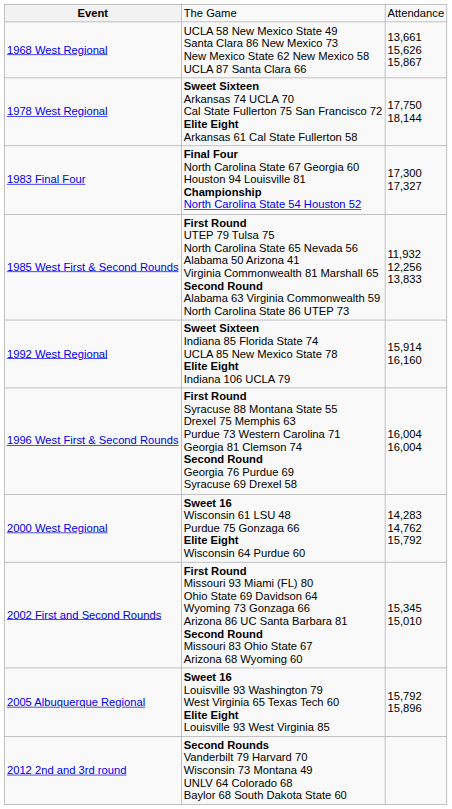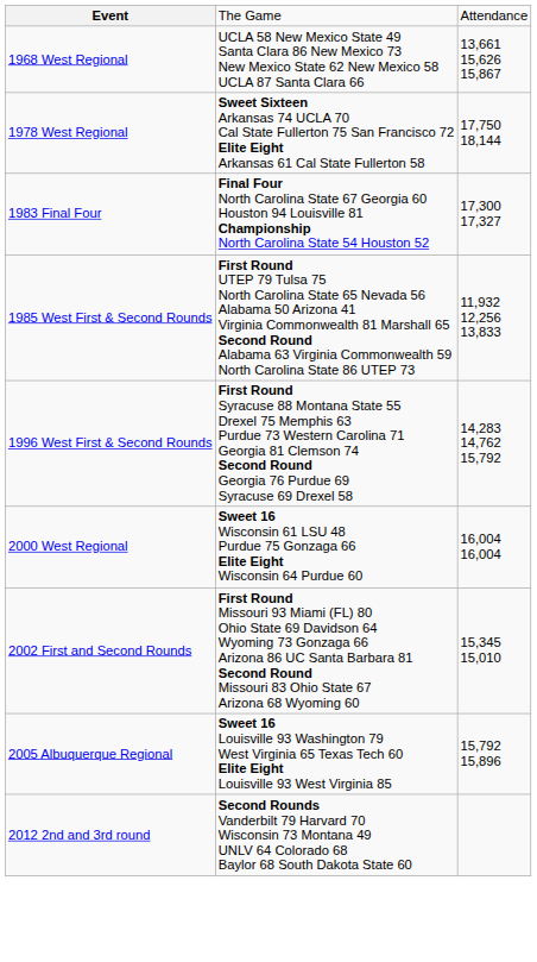 <table class="wikitable">
 <tr>
 <th>Event</th>
 <td>The Game</td>
 <td>Attendance</td>
 </tr>
 <tr>
 <td><a href='#'>1968 West Regional</a></td>
 <td>UCLA 58 New Mexico State 49<br>Santa Clara 86 New Mexico 73<br>New Mexico State 62 New Mexico 58<br>UCLA 87 Santa Clara 66</td>
 <td>13,661<br>15,626<br>15,867</td>
 </tr>
 <tr>
 <td><a href='#'>1978 West Regional</a></td>
 <td><strong>Sweet Sixteen</strong><br>Arkansas 74 UCLA 70<br>Cal State Fullerton 75 San Francisco 72<br><strong>Elite Eight</strong><br>Arkansas 61 Cal State Fullerton 58</td>
 <td>17,750<br>18,144</td>
 </tr>
 <tr>
 <td><a href='#'>1983 Final Four</a></td>
 <td><strong>Final Four</strong><br>North Carolina State 67 Georgia 60<br>Houston 94 Louisville 81<br><strong>Championship</strong><br><a href='#'>North Carolina State 54 Houston 52</a></td>
 <td>17,300<br>17,327</td>
 </tr>
 <tr>
 <td><a href='#'>1985 West First & Second Rounds</a></td>
 <td><strong>First Round</strong><br>UTEP 79 Tulsa 75<br>North Carolina State 65 Nevada 56<br>Alabama 50 Arizona 41<br>Virginia Commonwealth 81 Marshall 65<br><strong>Second Round</strong><br>Alabama 63 Virginia Commonwealth 59<br>North Carolina State 86 UTEP 73</td>
 <td>11,932<br>12,256<br>13,833</td>
 </tr>
 <tr>
-<td><a href='#'>1992 West Regional</a></td>
-<td><strong>Sweet Sixteen</strong><br>Indiana 85 Florida State 74<br>UCLA 85 New Mexico State 78<br><strong>Elite Eight</strong><br>Indiana 106 UCLA 79</td>
-<td>15,914<br>16,160</td>
-</tr>
-<tr>
 <td><a href='#'>1996 West First & Second Rounds</a></td>
 <td><strong>First Round</strong><br>Syracuse 88 Montana State 55<br>Drexel 75 Memphis 63<br>Purdue 73 Western Carolina 71<br>Georgia 81 Clemson 74<br><strong>Second Round</strong><br>Georgia 76 Purdue 69<br>Syracuse 69 Drexel 58</td>
-<td>16,004<br>16,004</td>
+<td>14,283<br>14,762<br>15,792</td>
 </tr>
 <tr>
 <td><a href='#'>2000 West Regional</a></td>
 <td><strong>Sweet 16</strong><br>Wisconsin 61 LSU 48<br>Purdue 75 Gonzaga 66<br><strong>Elite Eight</strong><br>Wisconsin 64 Purdue 60</td>
-<td>14,283<br>14,762<br>15,792</td>
+<td>16,004<br>16,004</td>
 </tr>
 <tr>
 <td><a href='#'>2002 First and Second Rounds</a></td>
 <td><strong>First Round</strong><br>Missouri 93 Miami (FL) 80<br>Ohio State 69 Davidson 64<br>Wyoming 73 Gonzaga 66<br>Arizona 86 UC Santa Barbara 81<br><strong>Second Round</strong><br>Missouri 83 Ohio State 67<br>Arizona 68 Wyoming 60</td>
 <td>15,345<br>15,010</td>
 </tr>
 <tr>
 <td><a href='#'>2005 Albuquerque Regional</a></td>
 <td><strong>Sweet 16</strong><br>Louisville 93 Washington 79<br>West Virginia 65 Texas Tech 60<br><strong>Elite Eight</strong><br>Louisville 93 West Virginia 85</td>
 <td>15,792<br>15,896</td>
 </tr>
 <tr>
 <td><a href='#'>2012 2nd and 3rd round</a></td>
 <td><strong>Second Rounds</strong><br>Vanderbilt 79 Harvard 70<br>Wisconsin 73 Montana 49<br>UNLV 64 Colorado 68<br>Baylor 68 South Dakota State 60</td>
 </tr>
 </table>
